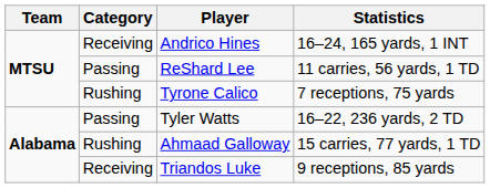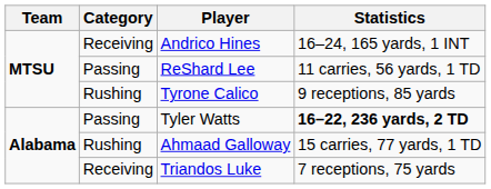 <table class="wikitable" style="float: right;">
 <tr>
 <th>Team</th>
 <th>Category</th>
 <th>Player</th>
 <th>Statistics</th>
 </tr>
 <tr>
 <td rowspan=3><strong>MTSU</strong></td>
 <td>Receiving</td>
 <td><a href='#'>Andrico Hines</a></td>
 <td>16–24, 165 yards, 1 INT</td>
 </tr>
 <tr>
 <td>Passing</td>
 <td><a href='#'>ReShard Lee</a></td>
 <td>11 carries, 56 yards, 1 TD</td>
 </tr>
 <tr>
 <td>Rushing</td>
 <td><a href='#'>Tyrone Calico</a></td>
-<td>7 receptions, 75 yards</td>
+<td>9 receptions, 85 yards</td>
 </tr>
 <tr>
 <td rowspan=3><strong>Alabama</strong></td>
 <td>Passing</td>
 <td>Tyler Watts</td>
-<td>16–22, 236 yards, 2 TD</td>
+<td><strong>16–22, 236 yards, 2 TD</strong></td>
 </tr>
 <tr>
 <td>Rushing</td>
 <td><a href='#'>Ahmaad Galloway</a></td>
 <td>15 carries, 77 yards, 1 TD</td>
 </tr>
 <tr>
 <td>Receiving</td>
 <td><a href='#'>Triandos Luke</a></td>
-<td>9 receptions, 85 yards</td>
+<td>7 receptions, 75 yards</td>
 </tr>
 </table>
